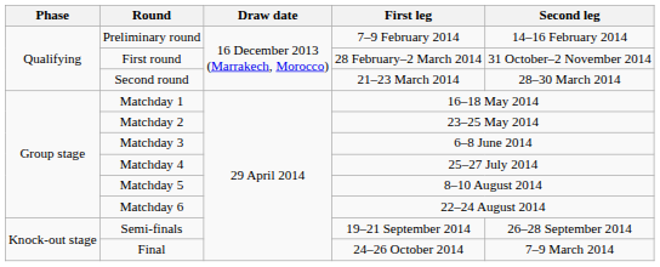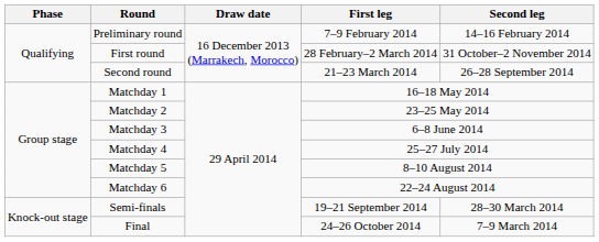 <table class="wikitable" style="text-align:center">
 <tr>
 <th>Phase</th>
 <th>Round</th>
 <th>Draw date</th>
 <th>First leg</th>
 <th>Second leg</th>
 </tr>
 <tr>
 <td rowspan=3>Qualifying</td>
 <td>Preliminary round</td>
 <td rowspan=3>16 December 2013<br>(<a href='#'>Marrakech</a>, <a href='#'>Morocco</a>)</td>
 <td>7–9 February 2014</td>
 <td>14–16 February 2014</td>
 </tr>
 <tr>
 <td>First round</td>
 <td>28 February–2 March 2014</td>
 <td>31 October–2 November 2014</td>
 </tr>
 <tr>
 <td>Second round</td>
 <td>21–23 March 2014</td>
-<td>28–30 March 2014</td>
+<td>26–28 September 2014</td>
 </tr>
 <tr>
 <td rowspan=6>Group stage</td>
 <td>Matchday 1</td>
 <td rowspan=8>29 April 2014</td>
 <td colspan=2>16–18 May 2014</td>
 </tr>
 <tr>
 <td>Matchday 2</td>
 <td colspan=2>23–25 May 2014</td>
 </tr>
 <tr>
 <td>Matchday 3</td>
 <td colspan=2>6–8 June 2014</td>
 </tr>
 <tr>
 <td>Matchday 4</td>
 <td colspan=2>25–27 July 2014</td>
 </tr>
 <tr>
 <td>Matchday 5</td>
 <td colspan=2>8–10 August 2014</td>
 </tr>
 <tr>
 <td>Matchday 6</td>
 <td colspan=2>22–24 August 2014</td>
 </tr>
 <tr>
 <td rowspan=2>Knock-out stage</td>
 <td>Semi-finals</td>
 <td>19–21 September 2014</td>
-<td>26–28 September 2014</td>
+<td>28–30 March 2014</td>
 </tr>
 <tr>
 <td>Final</td>
 <td>24–26 October 2014</td>
 <td>7–9 March 2014</td>
 </tr>
 </table>
